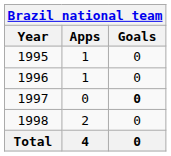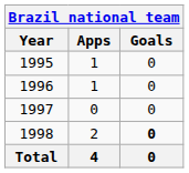 <table class="wikitable" style="text-align:center">
 <tr>
 <th colspan=3><a href='#'>Brazil national team</a></th>
 </tr>
 <tr>
 <th>Year</th>
 <th>Apps</th>
 <th>Goals</th>
 </tr>
 <tr>
 <td>1995</td>
 <td>1</td>
 <td>0</td>
 </tr>
 <tr>
 <td>1996</td>
 <td>1</td>
 <td>0</td>
 </tr>
 <tr>
 <td>1997</td>
 <td>0</td>
-<td><strong>0</strong></td>
+<td>0</td>
 </tr>
 <tr>
 <td>1998</td>
 <td>2</td>
-<td>0</td>
+<td><strong>0</strong></td>
 </tr>
 <tr>
 <th>Total</th>
 <th>4</th>
 <th>0</th>
 </tr>
 </table>
